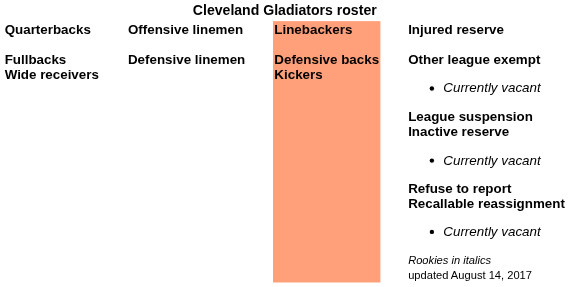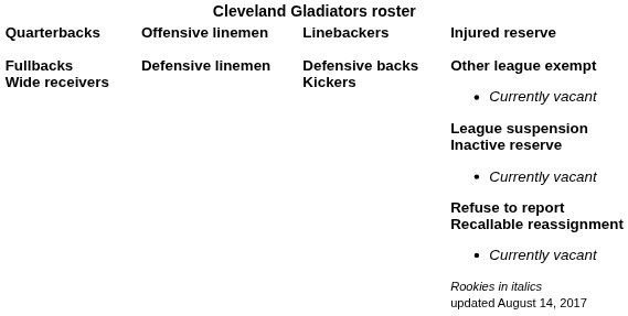 <table class="toccolours" style="text-align: left;">
 <tr>
 <th colspan=7 style="text-align:center; ">Cleveland Gladiators roster</th>
 </tr>
 <tr>
 <td style="font-size: 95%;vertical-align:top;"><strong>Quarterbacks</strong><br> <br><strong>Fullbacks</strong> <br><strong>Wide receivers</strong>     </td>
 <td style="width: 25px;"></td>
 <td style="font-size: 95%;vertical-align:top;"><strong>Offensive linemen</strong><br>   <br><strong>Defensive linemen</strong>     </td>
 <td style="width: 25px;"></td>
-<td style="background: lightsalmon; font-size: 95%;vertical-align:top;"><strong>Linebackers</strong><br><br><strong>Defensive backs</strong>    <br><strong>Kickers</strong> </td>
+<td style="font-size: 95%;vertical-align:top;"><strong>Linebackers</strong><br><br><strong>Defensive backs</strong>    <br><strong>Kickers</strong> </td>
 <td style="width: 25px;"></td>
 <td style="font-size: 95%;vertical-align:top;"><strong>Injured reserve</strong><br>     <br><strong>Other league exempt</strong><ul><li><em>Currently vacant</em></li></ul><strong>League suspension</strong>           <br><strong>Inactive reserve</strong><ul><li><em>Currently vacant</em></li></ul><strong>Refuse to report</strong> <br><strong>Recallable reassignment</strong><ul><li><em>Currently vacant</em></li></ul><small><em>Rookies in italics</em></small><br> <small><span></span> updated August 14, 2017</small><br> </td>
 </tr>
 </table>
